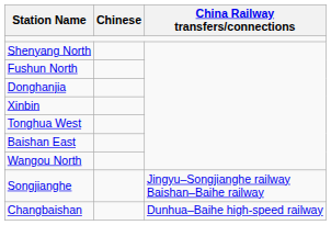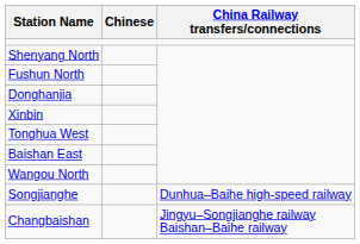 <table class="wikitable">
 <tr>
 <th>Station Name</th>
 <th>Chinese<br></th>
 <th><a href='#'>China Railway</a><br>transfers/connections<br> </th>
 </tr>
 <tr style="background:#">
 <td colspan = "11"></td>
 </tr>
 <tr>
 <td><a href='#'>Shenyang North</a></td>
 <td></td>
 </tr>
 <tr>
 <td><a href='#'>Fushun North</a></td>
 <td></td>
 </tr>
 <tr>
 <td><a href='#'>Donghanjia</a></td>
 <td></td>
 </tr>
 <tr>
 <td><a href='#'>Xinbin</a></td>
 <td></td>
 </tr>
 <tr>
 <td><a href='#'>Tonghua West</a></td>
 <td></td>
 </tr>
 <tr>
 <td><a href='#'>Baishan East</a></td>
 <td></td>
 </tr>
 <tr>
 <td><a href='#'>Wangou North</a></td>
 <td></td>
 </tr>
 <tr>
 <td><a href='#'>Songjianghe</a></td>
 <td></td>
-<td><a href='#'>Jingyu–Songjianghe railway</a><br><a href='#'>Baishan–Baihe railway</a></td>
+<td><a href='#'>Dunhua–Baihe high-speed railway</a></td>
 </tr>
 <tr>
 <td><a href='#'>Changbaishan</a></td>
 <td></td>
-<td><a href='#'>Dunhua–Baihe high-speed railway</a></td>
+<td><a href='#'>Jingyu–Songjianghe railway</a><br><a href='#'>Baishan–Baihe railway</a></td>
 </tr>
 </table>
